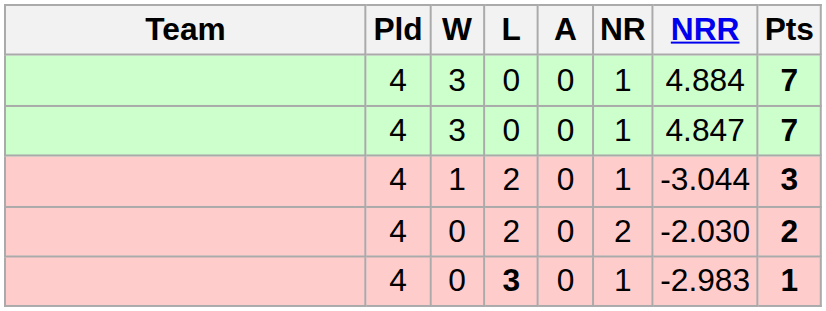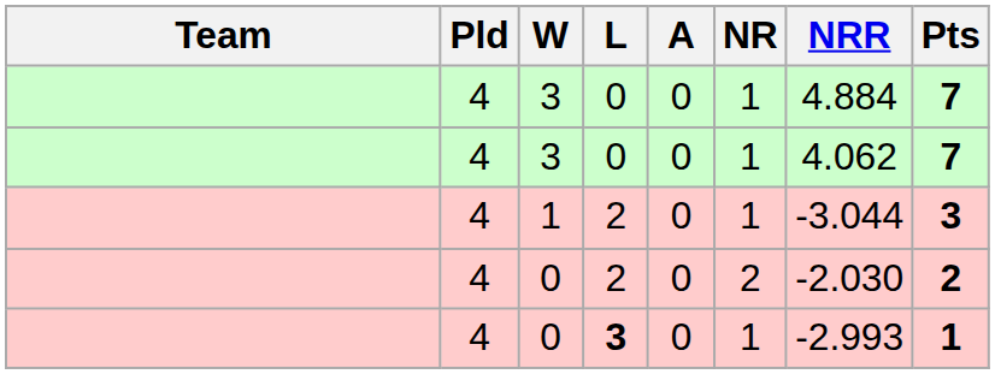 <table class="wikitable" style="text-align:center">
 <tr>
 <th width=175>Team</th>
 <th width=20 abbr="Played">Pld</th>
 <th width=20 abbr="Won">W</th>
 <th width=20 abbr="Lost">L</th>
 <th width=20 abbr="Lost">A</th>
 <th width=20 abbr="No result">NR</th>
 <th width=20 abbr="Net run rate"><a href='#'>NRR</a></th>
 <th width=20 abbr="Points">Pts</th>
 </tr>
 <tr bgcolor="#ccffcc">
 <td align="left"></td>
 <td>4</td>
 <td>3</td>
 <td>0</td>
 <td>0</td>
 <td>1</td>
 <td>4.884</td>
 <td><strong>7</strong></td>
 </tr>
 <tr bgcolor="#ccffcc">
 <td align="left"></td>
 <td>4</td>
 <td>3</td>
 <td>0</td>
 <td>0</td>
 <td>1</td>
-<td>4.847</td>
+<td>4.062</td>
 <td><strong>7</strong></td>
 </tr>
 <tr bgcolor="#ffcccc">
 <td align="left"></td>
 <td>4</td>
 <td>1</td>
 <td>2</td>
 <td>0</td>
 <td>1</td>
 <td>-3.044</td>
 <td><strong>3</strong></td>
 </tr>
 <tr bgcolor="#ffcccc">
 <td align="left"></td>
 <td>4</td>
 <td>0</td>
 <td>2</td>
 <td>0</td>
 <td>2</td>
 <td>-2.030</td>
 <td><strong>2</strong></td>
 </tr>
 <tr bgcolor="#ffcccc">
 <td align="left"></td>
 <td>4</td>
 <td>0</td>
 <td><strong>3</strong></td>
 <td>0</td>
 <td>1</td>
-<td>-2.983</td>
+<td>-2.993</td>
 <td><strong>1</strong></td>
 </tr>
 </table>
